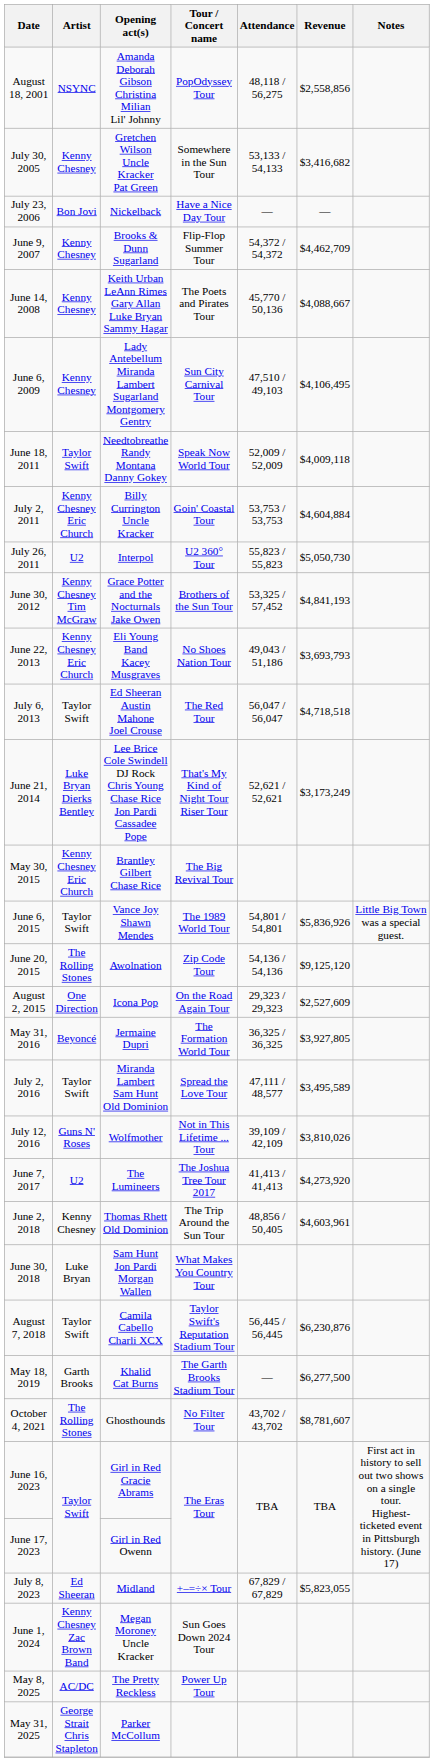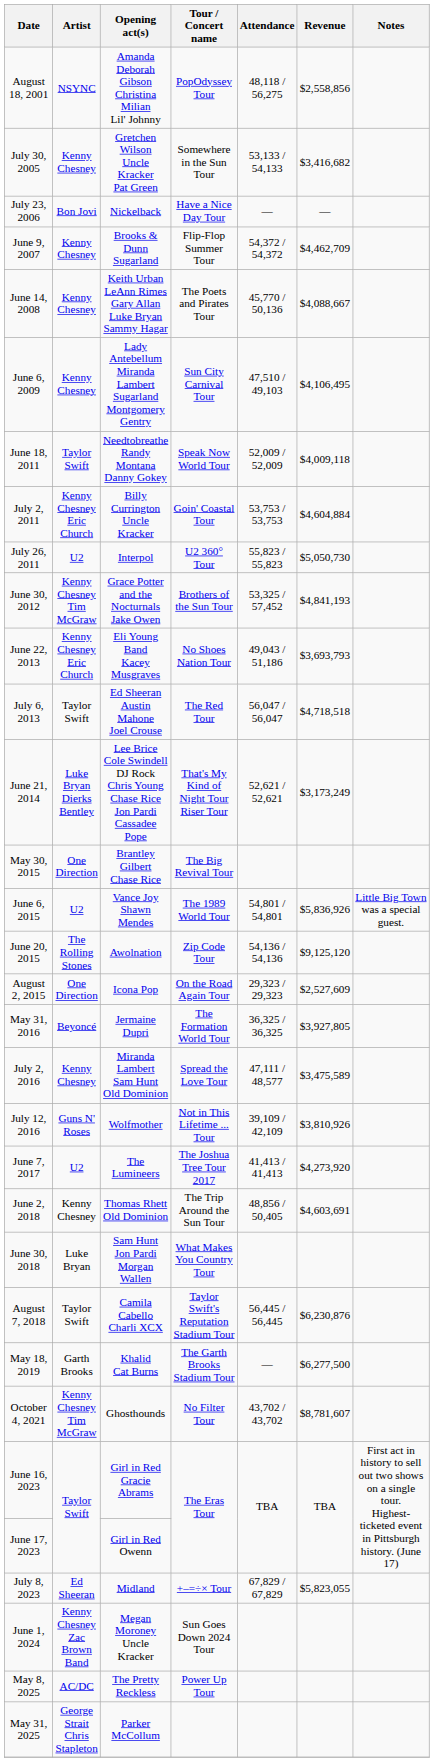 <table class="wikitable" style="text-align:center;">
 <tr>
 <th width=12% style="text-align:center;">Date</th>
 <th width=10% style="text-align:center;">Artist</th>
 <th width=10% style="text-align:center;">Opening act(s)</th>
 <th width=16% style="text-align:center;">Tour / Concert name</th>
 <th width=10% style="text-align:center;">Attendance</th>
 <th width=10% style="text-align:center;">Revenue</th>
 <th width=20% style="text-align:center;">Notes</th>
 </tr>
 <tr>
 <td>August 18, 2001</td>
 <td><a href='#'>NSYNC</a></td>
 <td><a href='#'>Amanda</a><br><a href='#'>Deborah Gibson</a><br><a href='#'>Christina Milian</a><br>Lil' Johnny</td>
 <td><a href='#'>PopOdyssey Tour</a></td>
 <td>48,118 / 56,275</td>
 <td>$2,558,856</td>
 <td></td>
 </tr>
 <tr>
 <td>July 30, 2005</td>
 <td><a href='#'>Kenny Chesney</a></td>
 <td><a href='#'>Gretchen Wilson</a><br><a href='#'>Uncle Kracker</a><br><a href='#'>Pat Green</a></td>
 <td>Somewhere in the Sun Tour</td>
 <td>53,133 / 54,133</td>
 <td>$3,416,682</td>
 <td></td>
 </tr>
 <tr>
 <td>July 23, 2006</td>
 <td><a href='#'>Bon Jovi</a></td>
 <td><a href='#'>Nickelback</a></td>
 <td><a href='#'>Have a Nice Day Tour</a></td>
 <td>—</td>
 <td>—</td>
 <td></td>
 </tr>
 <tr>
 <td>June 9, 2007</td>
 <td><a href='#'>Kenny Chesney</a></td>
 <td><a href='#'>Brooks & Dunn</a><br><a href='#'>Sugarland</a></td>
 <td>Flip-Flop Summer Tour</td>
 <td>54,372 / 54,372</td>
 <td>$4,462,709</td>
 <td></td>
 </tr>
 <tr>
 <td>June 14, 2008</td>
 <td><a href='#'>Kenny Chesney</a></td>
 <td><a href='#'>Keith Urban</a><br><a href='#'>LeAnn Rimes</a><br><a href='#'>Gary Allan</a><br><a href='#'>Luke Bryan</a><br><a href='#'>Sammy Hagar</a></td>
 <td>The Poets and Pirates Tour</td>
 <td>45,770 / 50,136</td>
 <td>$4,088,667</td>
 <td></td>
 </tr>
 <tr>
 <td>June 6, 2009</td>
 <td><a href='#'>Kenny Chesney</a></td>
 <td><a href='#'>Lady Antebellum</a><br><a href='#'>Miranda Lambert</a><br><a href='#'>Sugarland</a><br><a href='#'>Montgomery Gentry</a></td>
 <td><a href='#'>Sun City Carnival Tour</a></td>
 <td>47,510 / 49,103</td>
 <td>$4,106,495</td>
 <td></td>
 </tr>
 <tr>
 <td>June 18, 2011</td>
 <td><a href='#'>Taylor Swift</a></td>
 <td><a href='#'>Needtobreathe</a> <br> <a href='#'>Randy Montana</a> <br> <a href='#'>Danny Gokey</a></td>
 <td><a href='#'>Speak Now World Tour</a></td>
 <td>52,009 / 52,009</td>
 <td>$4,009,118</td>
 <td></td>
 </tr>
 <tr>
 <td>July 2, 2011</td>
 <td><a href='#'>Kenny Chesney</a><br><a href='#'>Eric Church</a></td>
 <td><a href='#'>Billy Currington</a><br><a href='#'>Uncle Kracker</a></td>
 <td><a href='#'>Goin' Coastal Tour</a></td>
 <td>53,753 / 53,753</td>
 <td>$4,604,884</td>
 <td></td>
 </tr>
 <tr>
 <td>July 26, 2011</td>
 <td><a href='#'>U2</a></td>
 <td><a href='#'>Interpol</a></td>
 <td><a href='#'>U2 360° Tour</a></td>
 <td>55,823 / 55,823</td>
 <td>$5,050,730</td>
 <td></td>
 </tr>
 <tr>
 <td>June 30, 2012</td>
 <td><a href='#'>Kenny Chesney</a><br><a href='#'>Tim McGraw</a></td>
 <td><a href='#'>Grace Potter and the Nocturnals</a><br><a href='#'>Jake Owen</a></td>
 <td><a href='#'>Brothers of the Sun Tour</a></td>
 <td>53,325 / 57,452</td>
 <td>$4,841,193</td>
 <td></td>
 </tr>
 <tr>
 <td>June 22, 2013</td>
 <td><a href='#'>Kenny Chesney</a><br><a href='#'>Eric Church</a></td>
 <td><a href='#'>Eli Young Band</a><br><a href='#'>Kacey Musgraves</a></td>
 <td><a href='#'>No Shoes Nation Tour</a></td>
 <td>49,043 / 51,186</td>
 <td>$3,693,793</td>
 <td></td>
 </tr>
 <tr>
 <td>July 6, 2013</td>
 <td>Taylor Swift</td>
 <td><a href='#'>Ed Sheeran</a><br><a href='#'>Austin Mahone</a><br><a href='#'>Joel Crouse</a></td>
 <td><a href='#'>The Red Tour</a></td>
 <td>56,047 / 56,047</td>
 <td>$4,718,518</td>
 <td></td>
 </tr>
 <tr>
 <td>June 21, 2014</td>
 <td><a href='#'>Luke Bryan</a><br><a href='#'>Dierks Bentley</a></td>
 <td><a href='#'>Lee Brice</a><br><a href='#'>Cole Swindell</a><br>DJ Rock<br><a href='#'>Chris Young</a><br><a href='#'>Chase Rice</a><br><a href='#'>Jon Pardi</a><br><a href='#'>Cassadee Pope</a></td>
 <td><a href='#'>That's My Kind of Night Tour</a><br><a href='#'>Riser Tour</a></td>
 <td>52,621 / 52,621</td>
 <td>$3,173,249</td>
 <td></td>
 </tr>
 <tr>
 <td>May 30, 2015</td>
-<td><a href='#'>Kenny Chesney</a><br><a href='#'>Eric Church</a></td>
+<td><a href='#'>One Direction</a></td>
 <td><a href='#'>Brantley Gilbert</a><br><a href='#'>Chase Rice</a></td>
 <td><a href='#'>The Big Revival Tour</a></td>
 <td></td>
 <td></td>
 <td></td>
 </tr>
 <tr>
 <td>June 6, 2015</td>
-<td>Taylor Swift</td>
+<td><a href='#'>U2</a></td>
 <td><a href='#'>Vance Joy</a><br><a href='#'>Shawn Mendes</a></td>
 <td><a href='#'>The 1989 World Tour</a></td>
 <td>54,801 / 54,801</td>
 <td>$5,836,926</td>
 <td><a href='#'>Little Big Town</a> was a special guest.</td>
 </tr>
 <tr>
 <td>June 20, 2015</td>
 <td><a href='#'>The Rolling Stones</a></td>
 <td><a href='#'>Awolnation</a></td>
 <td><a href='#'>Zip Code Tour</a></td>
 <td>54,136 / 54,136</td>
 <td>$9,125,120</td>
 <td></td>
 </tr>
 <tr>
 <td>August 2, 2015</td>
 <td><a href='#'>One Direction</a></td>
 <td><a href='#'>Icona Pop</a></td>
 <td><a href='#'>On the Road Again Tour</a></td>
 <td>29,323 / 29,323</td>
 <td>$2,527,609</td>
 <td></td>
 </tr>
 <tr>
 <td>May 31, 2016</td>
 <td><a href='#'>Beyoncé</a></td>
 <td><a href='#'>Jermaine Dupri</a></td>
 <td><a href='#'>The Formation World Tour</a></td>
 <td>36,325 / 36,325</td>
 <td>$3,927,805</td>
 <td></td>
 </tr>
 <tr>
 <td>July 2, 2016</td>
-<td>Taylor Swift</td>
+<td><a href='#'>Kenny Chesney</a></td>
 <td><a href='#'>Miranda Lambert</a><br><a href='#'>Sam Hunt</a><br><a href='#'>Old Dominion</a></td>
 <td><a href='#'>Spread the Love Tour</a></td>
 <td>47,111 / 48,577</td>
-<td>$3,495,589</td>
+<td>$3,475,589</td>
 <td></td>
 </tr>
 <tr>
 <td>July 12, 2016</td>
 <td><a href='#'>Guns N' Roses</a></td>
 <td><a href='#'>Wolfmother</a></td>
 <td><a href='#'>Not in This Lifetime ... Tour</a></td>
 <td>39,109 / 42,109</td>
-<td>$3,810,026</td>
+<td>$3,810,926</td>
 <td></td>
 </tr>
 <tr>
 <td>June 7, 2017</td>
 <td><a href='#'>U2</a></td>
 <td><a href='#'>The Lumineers</a></td>
 <td><a href='#'>The Joshua Tree Tour 2017</a></td>
 <td>41,413 / 41,413</td>
 <td>$4,273,920</td>
 <td></td>
 </tr>
 <tr>
 <td>June 2, 2018</td>
 <td>Kenny Chesney</td>
 <td><a href='#'>Thomas Rhett</a><br><a href='#'>Old Dominion</a></td>
 <td>The Trip Around the Sun Tour</td>
 <td>48,856 / 50,405</td>
-<td>$4,603,961</td>
+<td>$4,603,691</td>
 <td></td>
 </tr>
 <tr>
 <td>June 30, 2018</td>
 <td>Luke Bryan</td>
 <td><a href='#'>Sam Hunt</a><br><a href='#'>Jon Pardi</a><br><a href='#'>Morgan Wallen</a></td>
 <td><a href='#'>What Makes You Country Tour</a></td>
 <td></td>
 <td></td>
 <td></td>
 </tr>
 <tr>
 <td>August 7, 2018</td>
 <td>Taylor Swift</td>
 <td><a href='#'>Camila Cabello</a><br><a href='#'>Charli XCX</a></td>
 <td><a href='#'>Taylor Swift's Reputation Stadium Tour</a></td>
 <td>56,445 / 56,445</td>
 <td>$6,230,876</td>
 <td></td>
 </tr>
 <tr>
 <td>May 18, 2019</td>
 <td>Garth Brooks</td>
 <td><a href='#'>Khalid</a><br><a href='#'>Cat Burns</a></td>
 <td><a href='#'>The Garth Brooks Stadium Tour</a></td>
 <td>—</td>
 <td>$6,277,500</td>
 <td></td>
 </tr>
 <tr>
 <td>October 4, 2021</td>
-<td><a href='#'>The Rolling Stones</a></td>
+<td><a href='#'>Kenny Chesney</a><br><a href='#'>Tim McGraw</a></td>
 <td>Ghosthounds</td>
 <td><a href='#'>No Filter Tour</a></td>
 <td>43,702 / 43,702</td>
 <td>$8,781,607</td>
 <td></td>
 </tr>
 <tr>
 <td>June 16, 2023</td>
 <td rowspan="2"><a href='#'>Taylor Swift</a></td>
 <td><a href='#'>Girl in Red</a><br><a href='#'>Gracie Abrams</a></td>
 <td rowspan="2"><a href='#'>The Eras Tour</a></td>
 <td rowspan="2">TBA</td>
 <td rowspan="2">TBA</td>
 <td rowspan="2">First act in history to sell out two shows on a single tour.<br> Highest-ticketed event in Pittsburgh history. (June 17)</td>
 </tr>
 <tr>
 <td>June 17, 2023</td>
 <td><a href='#'>Girl in Red</a><br>Owenn</td>
 </tr>
 <tr>
 <td>July 8, 2023</td>
 <td><a href='#'>Ed Sheeran</a></td>
 <td><a href='#'>Midland</a></td>
 <td><a href='#'>+–=÷× Tour</a></td>
 <td>67,829 / 67,829</td>
 <td>$5,823,055</td>
 <td></td>
 </tr>
 <tr>
 <td>June 1, 2024</td>
 <td><a href='#'>Kenny Chesney</a><br><a href='#'>Zac Brown Band</a></td>
 <td><a href='#'>Megan Moroney</a><br>Uncle Kracker</td>
 <td>Sun Goes Down 2024 Tour</td>
 <td></td>
 <td></td>
 <td></td>
 </tr>
 <tr>
 <td>May 8, 2025</td>
 <td><a href='#'>AC/DC</a></td>
 <td><a href='#'>The Pretty Reckless</a></td>
 <td><a href='#'>Power Up Tour</a></td>
 <td></td>
 <td></td>
 <td></td>
 </tr>
 <tr>
 <td>May 31, 2025</td>
 <td><a href='#'>George Strait</a><br><a href='#'>Chris Stapleton</a></td>
 <td><a href='#'>Parker McCollum</a></td>
 <td></td>
 <td></td>
 <td></td>
 <td></td>
 </tr>
 <tr>
 </tr>
 </table>
